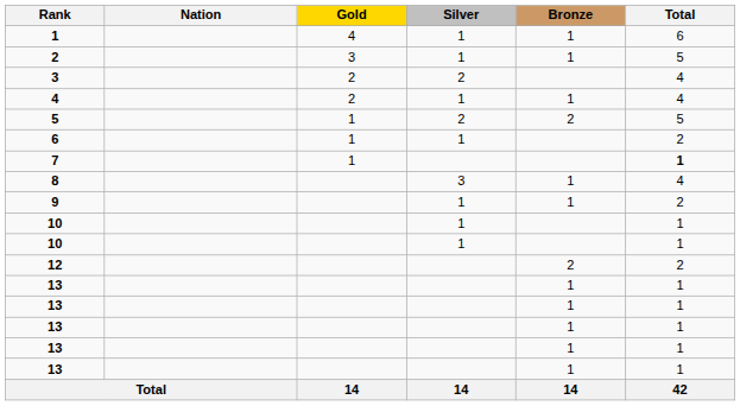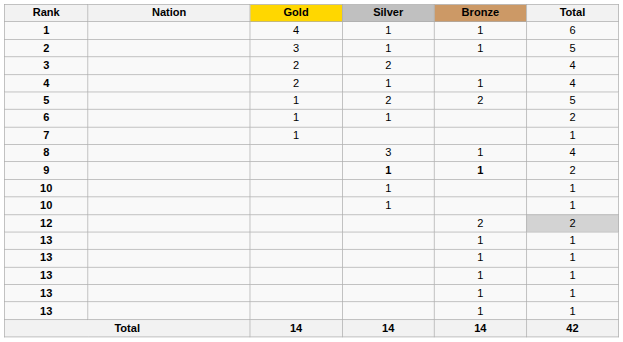 <table class="wikitable collapsible autocollapse plainrowheaders" width=70.5% style="text-align:center;">
 <tr style="background-color:#EDEDED;">
 <th width=100px class="hintergrundfarbe5">Rank</th>
 <th width=200px class="hintergrundfarbe6">Nation</th>
 <th style="background:    gold; width:15%">Gold</th>
 <th style="background:  silver; width:15%">Silver</th>
 <th style="background: #CC9966; width:15%">Bronze</th>
 <th class="hintergrundfarbe6" style="width:15%">Total</th>
 </tr>
 <tr>
 <td><strong>1</strong></td>
 <td align=left></td>
 <td>4</td>
 <td>1</td>
 <td>1</td>
 <td>6</td>
 </tr>
 <tr>
 <td><strong>2</strong></td>
 <td align=left></td>
 <td>3</td>
 <td>1</td>
 <td>1</td>
 <td>5</td>
 </tr>
 <tr>
 <td><strong>3</strong></td>
 <td align=left></td>
 <td>2</td>
 <td>2</td>
 <td></td>
 <td>4</td>
 </tr>
 <tr>
 <td><strong>4</strong></td>
 <td align=left></td>
 <td>2</td>
 <td>1</td>
 <td>1</td>
 <td>4</td>
 </tr>
 <tr>
 <td><strong>5</strong></td>
 <td align=left></td>
 <td>1</td>
 <td>2</td>
 <td>2</td>
 <td>5</td>
 </tr>
 <tr>
 <td><strong>6</strong></td>
 <td align=left></td>
 <td>1</td>
 <td>1</td>
 <td></td>
 <td>2</td>
 </tr>
 <tr>
 <td><strong>7</strong></td>
 <td align=left></td>
 <td>1</td>
 <td></td>
 <td></td>
-<td><strong>1</strong></td>
+<td>1</td>
 </tr>
 <tr>
 <td><strong>8</strong></td>
 <td align=left></td>
 <td></td>
 <td>3</td>
 <td>1</td>
 <td>4</td>
 </tr>
 <tr>
 <td><strong>9</strong></td>
 <td align=left></td>
 <td></td>
-<td>1</td>
-<td>1</td>
+<td><strong>1</strong></td>
+<td><strong>1</strong></td>
 <td>2</td>
 </tr>
 <tr>
 <td><strong>10</strong></td>
 <td align=left></td>
 <td></td>
 <td>1</td>
 <td></td>
 <td>1</td>
 </tr>
 <tr>
 <td><strong>10</strong></td>
 <td align=left></td>
 <td></td>
 <td>1</td>
 <td></td>
 <td>1</td>
 </tr>
 <tr>
 <td><strong>12</strong></td>
 <td align=left></td>
 <td></td>
 <td></td>
 <td>2</td>
-<td>2</td>
+<td style="background: lightgrey;">2</td>
 </tr>
 <tr>
 <td><strong>13</strong></td>
 <td align=left></td>
 <td></td>
 <td></td>
 <td>1</td>
 <td>1</td>
 </tr>
 <tr>
 <td><strong>13</strong></td>
 <td align=left></td>
 <td></td>
 <td></td>
 <td>1</td>
 <td>1</td>
 </tr>
 <tr>
 <td><strong>13</strong></td>
 <td align=left></td>
 <td></td>
 <td></td>
 <td>1</td>
 <td>1</td>
 </tr>
 <tr>
 <td><strong>13</strong></td>
 <td align=left></td>
 <td></td>
 <td></td>
 <td>1</td>
 <td>1</td>
 </tr>
 <tr>
 <td><strong>13</strong></td>
 <td align=left></td>
 <td></td>
 <td></td>
 <td>1</td>
 <td>1</td>
 </tr>
 <tr>
 <th colspan=2>Total</th>
 <th>14</th>
 <th>14</th>
 <th>14</th>
 <th>42</th>
 </tr>
 </table>
